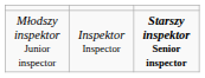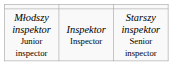 <table class=wikitable width=20% cellpadding=3px>
 <tr>
 <td align=center width=10%></td>
 <td align=center width=10%></td>
 <td align=center width=10%></td>
 </tr>
 <tr>
 <td align=center><em>Młodszy inspektor</em><br><small>Junior inspector</small></td>
 <td align=center><em>Inspektor</em><br><small>Inspector</small></td>
-<td align=center><strong><em>Starszy inspektor</em> <br><small>Senior inspector</small></strong></td>
+<td align=center><em>Starszy inspektor</em> <br><small>Senior inspector</small></td>
 </tr>
 </table>
